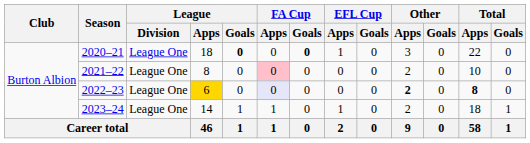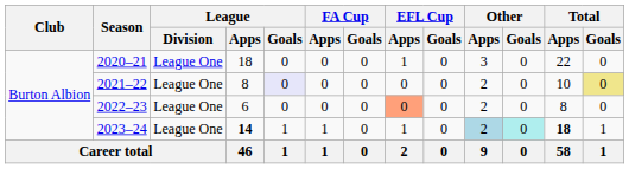 <table class="wikitable" style="text-align: center">
 <tr>
 <th rowspan="2">Club</th>
 <th rowspan="2">Season</th>
 <th colspan="3">League</th>
 <th colspan="2"><a href='#'>FA Cup</a></th>
 <th colspan="2"><a href='#'>EFL Cup</a></th>
 <th colspan="2">Other</th>
 <th colspan="2">Total</th>
 </tr>
 <tr>
 <th>Division</th>
 <th>Apps</th>
 <th>Goals</th>
 <th>Apps</th>
 <th>Goals</th>
 <th>Apps</th>
 <th>Goals</th>
 <th>Apps</th>
 <th>Goals</th>
 <th>Apps</th>
 <th>Goals</th>
 </tr>
 <tr>
 <td rowspan="4"><a href='#'>Burton Albion</a></td>
 <td><a href='#'>2020–21</a></td>
 <td><a href='#'>League One</a></td>
 <td>18</td>
-<td><strong>0</strong></td>
 <td>0</td>
-<td><strong>0</strong></td>
+<td>0</td>
+<td>0</td>
 <td>1</td>
 <td>0</td>
 <td>3</td>
 <td>0</td>
 <td>22</td>
 <td>0</td>
 </tr>
 <tr>
 <td><a href='#'>2021–22</a></td>
 <td>League One</td>
 <td>8</td>
+<td style="background: lavender;">0</td>
 <td>0</td>
-<td style="background: pink;">0</td>
 <td>0</td>
 <td>0</td>
 <td>0</td>
 <td>2</td>
 <td>0</td>
 <td>10</td>
-<td>0</td>
+<td style="background: khaki;">0</td>
 </tr>
 <tr>
 <td><a href='#'>2022–23</a></td>
 <td>League One</td>
-<td style="background: gold;">6</td>
-<td>0</td>
-<td style="background: lavender;">0</td>
+<td>6</td>
 <td>0</td>
 <td>0</td>
 <td>0</td>
-<td><strong>2</strong></td>
+<td style="background: lightsalmon;">0</td>
 <td>0</td>
-<td><strong>8</strong></td>
+<td>2</td>
+<td>0</td>
+<td>8</td>
 <td>0</td>
 </tr>
 <tr>
 <td><a href='#'>2023–24</a></td>
 <td>League One</td>
-<td>14</td>
+<td><strong>14</strong></td>
 <td>1</td>
 <td>1</td>
 <td>0</td>
 <td>1</td>
 <td>0</td>
-<td>2</td>
-<td>0</td>
-<td>18</td>
+<td style="background: lightblue;">2</td>
+<td style="background: paleturquoise;">0</td>
+<td><strong>18</strong></td>
 <td>1</td>
 </tr>
 <tr>
 <th colspan="3">Career total</th>
 <th>46</th>
 <th>1</th>
 <th>1</th>
 <th>0</th>
 <th>2</th>
 <th>0</th>
 <th>9</th>
 <th>0</th>
 <th>58</th>
 <th>1</th>
 </tr>
 </table>
